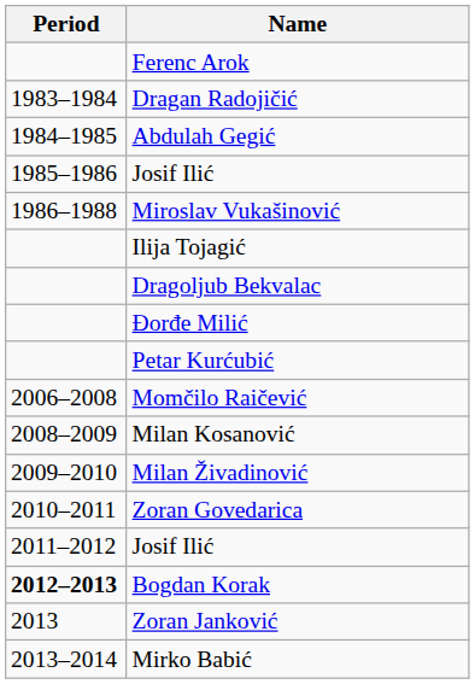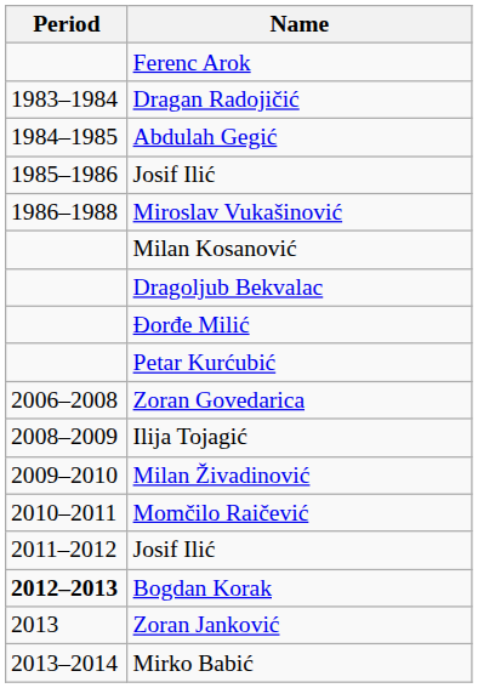 <table class="wikitable">
 <tr>
 <th width="75">Period</th>
 <th width="225">Name</th>
 </tr>
 <tr>
 <td></td>
 <td> <a href='#'>Ferenc Arok</a></td>
 </tr>
 <tr>
 <td>1983–1984</td>
 <td> <a href='#'>Dragan Radojičić</a></td>
 </tr>
 <tr>
 <td>1984–1985</td>
 <td> <a href='#'>Abdulah Gegić</a></td>
 </tr>
 <tr>
 <td>1985–1986</td>
 <td> Josif Ilić</td>
 </tr>
 <tr>
 <td>1986–1988</td>
 <td> <a href='#'>Miroslav Vukašinović</a></td>
 </tr>
 <tr>
 <td></td>
-<td> Ilija Tojagić</td>
+<td> Milan Kosanović</td>
 </tr>
 <tr>
 <td></td>
 <td> <a href='#'>Dragoljub Bekvalac</a></td>
 </tr>
 <tr>
 <td></td>
 <td> <a href='#'>Đorđe Milić</a></td>
 </tr>
 <tr>
 <td></td>
 <td> <a href='#'>Petar Kurćubić</a></td>
 </tr>
 <tr>
 <td>2006–2008</td>
-<td> <a href='#'>Momčilo Raičević</a></td>
+<td> <a href='#'>Zoran Govedarica</a></td>
 </tr>
 <tr>
 <td>2008–2009</td>
-<td> Milan Kosanović</td>
+<td> Ilija Tojagić</td>
 </tr>
 <tr>
 <td>2009–2010</td>
 <td> <a href='#'>Milan Živadinović</a></td>
 </tr>
 <tr>
 <td>2010–2011</td>
-<td> <a href='#'>Zoran Govedarica</a></td>
+<td> <a href='#'>Momčilo Raičević</a></td>
 </tr>
 <tr>
 <td>2011–2012</td>
 <td> Josif Ilić</td>
 </tr>
 <tr>
 <td><strong>2012–2013</strong></td>
 <td> <a href='#'>Bogdan Korak</a></td>
 </tr>
 <tr>
 <td>2013</td>
 <td> <a href='#'>Zoran Janković</a></td>
 </tr>
 <tr>
 <td>2013–2014</td>
 <td> Mirko Babić</td>
 </tr>
 </table>
